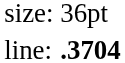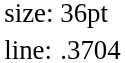 <table style="margin-left:40px;">
 <tr>
 <td>size:</td>
 <td>36pt</td>
 </tr>
 <tr>
 <td>line:</td>
-<td><strong>.3704</strong></td>
+<td>.3704</td>
 </tr>
 </table>
